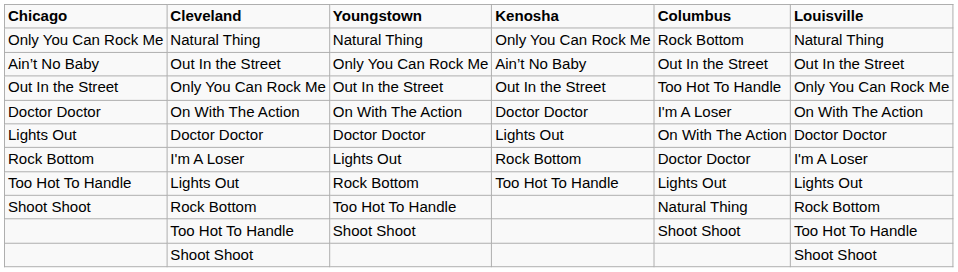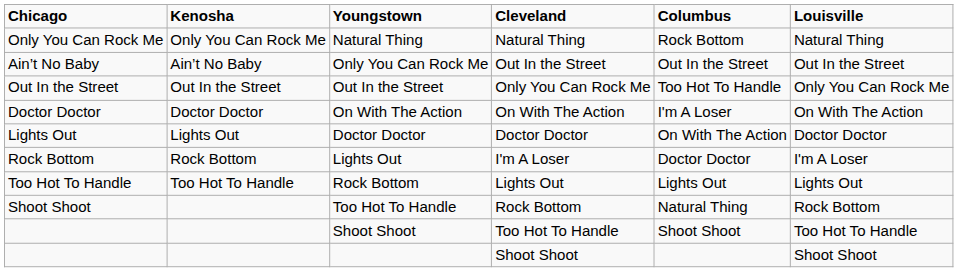 <table class="wikitable">
 <tr>
 <td><strong>Chicago</strong></td>
+<td><strong>Kenosha</strong></td>
+<td><strong>Youngstown</strong></td>
 <td><strong>Cleveland</strong></td>
-<td><strong>Youngstown</strong></td>
-<td><strong>Kenosha</strong></td>
 <td><strong>Columbus</strong></td>
 <td><strong>Louisville</strong></td>
 </tr>
 <tr>
 <td>Only You Can Rock Me</td>
+<td>Only You Can Rock Me</td>
 <td>Natural Thing</td>
 <td>Natural Thing</td>
-<td>Only You Can Rock Me</td>
 <td>Rock Bottom</td>
 <td>Natural Thing</td>
 </tr>
 <tr>
 <td>Ain’t No Baby</td>
+<td>Ain’t No Baby</td>
+<td>Only You Can Rock Me</td>
 <td>Out In the Street</td>
-<td>Only You Can Rock Me</td>
-<td>Ain’t No Baby</td>
 <td>Out In the Street</td>
 <td>Out In the Street</td>
 </tr>
 <tr>
 <td>Out In the Street</td>
-<td>Only You Can Rock Me</td>
 <td>Out In the Street</td>
 <td>Out In the Street</td>
+<td>Only You Can Rock Me</td>
 <td>Too Hot To Handle</td>
 <td>Only You Can Rock Me</td>
 </tr>
 <tr>
 <td>Doctor Doctor</td>
+<td>Doctor Doctor</td>
 <td>On With The Action</td>
 <td>On With The Action</td>
-<td>Doctor Doctor</td>
 <td>I'm A Loser</td>
 <td>On With The Action</td>
 </tr>
 <tr>
 <td>Lights Out</td>
+<td>Lights Out</td>
 <td>Doctor Doctor</td>
 <td>Doctor Doctor</td>
-<td>Lights Out</td>
 <td>On With The Action</td>
 <td>Doctor Doctor</td>
 </tr>
 <tr>
 <td>Rock Bottom</td>
+<td>Rock Bottom</td>
+<td>Lights Out</td>
 <td>I'm A Loser</td>
-<td>Lights Out</td>
-<td>Rock Bottom</td>
 <td>Doctor Doctor</td>
 <td>I'm A Loser</td>
 </tr>
 <tr>
 <td>Too Hot To Handle</td>
+<td>Too Hot To Handle</td>
+<td>Rock Bottom</td>
 <td>Lights Out</td>
-<td>Rock Bottom</td>
-<td>Too Hot To Handle</td>
 <td>Lights Out</td>
 <td>Lights Out</td>
 </tr>
 <tr>
 <td>Shoot Shoot</td>
+<td></td>
+<td>Too Hot To Handle</td>
 <td>Rock Bottom</td>
-<td>Too Hot To Handle</td>
-<td></td>
 <td>Natural Thing</td>
 <td>Rock Bottom</td>
 </tr>
 <tr>
 <td></td>
+<td></td>
+<td>Shoot Shoot</td>
 <td>Too Hot To Handle</td>
-<td>Shoot Shoot</td>
-<td></td>
 <td>Shoot Shoot</td>
 <td>Too Hot To Handle</td>
 </tr>
 <tr>
 <td></td>
-<td>Shoot Shoot</td>
 <td></td>
 <td></td>
+<td>Shoot Shoot</td>
 <td></td>
 <td>Shoot Shoot</td>
 </tr>
 </table>
